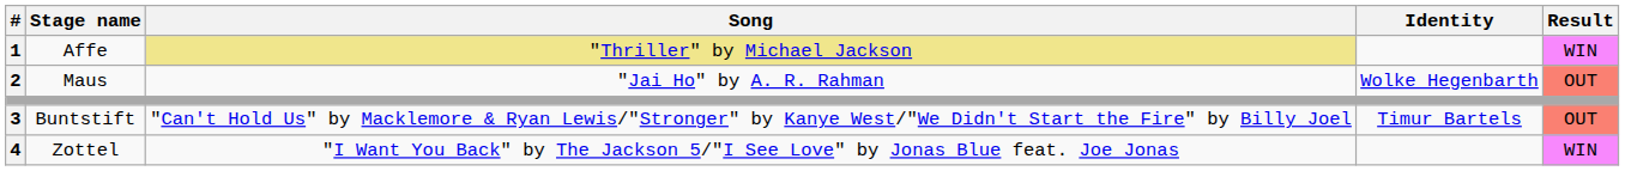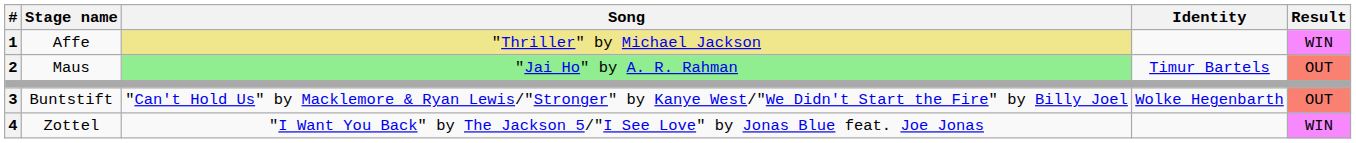 <table class="wikitable plainrowheaders" style="text-align: center;">
 <tr>
 <th>#</th>
 <th>Stage name</th>
 <th>Song</th>
 <th>Identity</th>
 <th>Result</th>
 </tr>
 <tr>
 <th>1</th>
 <td>Affe</td>
 <td style="background: khaki;">"<a href='#'>Thriller</a>" by <a href='#'>Michael Jackson</a></td>
 <td></td>
 <td bgcolor=#F888FD>WIN</td>
 </tr>
 <tr>
 <th>2</th>
 <td>Maus</td>
-<td>"<a href='#'>Jai Ho</a>" by <a href='#'>A. R. Rahman</a></td>
-<td><a href='#'>Wolke Hegenbarth</a></td>
+<td style="background: lightgreen;">"<a href='#'>Jai Ho</a>" by <a href='#'>A. R. Rahman</a></td>
+<td><a href='#'>Timur Bartels</a></td>
 <td bgcolor=salmon>OUT</td>
 </tr>
 <tr>
 <td colspan="5" style="background:darkgray"></td>
 </tr>
 <tr>
 <th>3</th>
 <td>Buntstift</td>
 <td>"<a href='#'>Can't Hold Us</a>" by <a href='#'>Macklemore & Ryan Lewis</a>/"<a href='#'>Stronger</a>" by <a href='#'>Kanye West</a>/"<a href='#'>We Didn't Start the Fire</a>" by <a href='#'>Billy Joel</a></td>
-<td><a href='#'>Timur Bartels</a></td>
+<td><a href='#'>Wolke Hegenbarth</a></td>
 <td bgcolor=salmon>OUT</td>
 </tr>
 <tr>
 <th>4</th>
 <td>Zottel</td>
 <td>"<a href='#'>I Want You Back</a>" by <a href='#'>The Jackson 5</a>/"<a href='#'>I See Love</a>" by <a href='#'>Jonas Blue</a> feat. <a href='#'>Joe Jonas</a></td>
 <td></td>
 <td bgcolor=#F888FD>WIN</td>
 </tr>
 </table>
